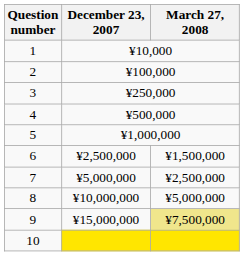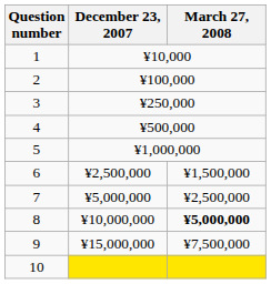 <table class="wikitable" style="text-align: center;">
 <tr>
 <th width="50">Question number</th>
 <th style="width:100px;">December 23, 2007</th>
 <th style="width:100px;">March 27, 2008</th>
 </tr>
 <tr align="center">
 <td>1</td>
 <td colspan="2">¥10,000</td>
 </tr>
 <tr align="center">
 <td>2</td>
 <td colspan="2">¥100,000</td>
 </tr>
 <tr align="center">
 <td>3</td>
 <td colspan="2">¥250,000</td>
 </tr>
 <tr align="center">
 <td>4</td>
 <td colspan="2">¥500,000</td>
 </tr>
 <tr align="center">
 <td>5</td>
 <td colspan="2">¥1,000,000</td>
 </tr>
 <tr align="center">
 <td>6</td>
 <td>¥2,500,000</td>
 <td>¥1,500,000</td>
 </tr>
 <tr align="center">
 <td>7</td>
 <td>¥5,000,000</td>
 <td>¥2,500,000</td>
 </tr>
 <tr align="center">
 <td>8</td>
 <td>¥10,000,000</td>
-<td>¥5,000,000</td>
+<td><strong>¥5,000,000</strong></td>
 </tr>
 <tr align="center">
 <td>9</td>
 <td>¥15,000,000</td>
-<td style="background: khaki;">¥7,500,000</td>
+<td>¥7,500,000</td>
 </tr>
 <tr align="center">
 <td>10</td>
 <td style="background: #FFE600"><strong></strong></td>
 <td style="background: #FFE600"><strong></strong></td>
 </tr>
 </table>
